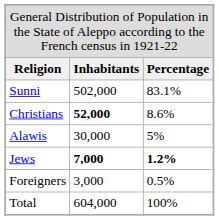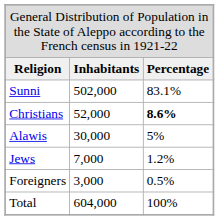 <table cellpadding="4" cellspacing="0" width=250 align="center" rules="all" style="margin: 1em; background: #ffffff; border: 2px solid #aaa; font-size: 100%;">
 <tr bgcolor=#DDDDDD>
 <td colspan=8 align="center">General Distribution of Population in the State of Aleppo according to the French census in 1921-22</td>
 </tr>
 <tr bgcolor=#f0f0f0 align="center">
 <th>Religion</th>
 <th>Inhabitants</th>
 <th>Percentage</th>
 </tr>
 <tr>
 <td><a href='#'>Sunni</a></td>
 <td>502,000</td>
 <td>83.1%</td>
 </tr>
 <tr>
 <td><a href='#'>Christians</a></td>
-<td><strong>52,000</strong></td>
-<td>8.6%</td>
+<td>52,000</td>
+<td><strong>8.6%</strong></td>
 </tr>
 <tr>
 <td><a href='#'>Alawis</a></td>
 <td>30,000</td>
 <td>5%</td>
 </tr>
 <tr>
 <td><a href='#'>Jews</a></td>
-<td><strong>7,000</strong></td>
-<td><strong>1.2%</strong></td>
+<td>7,000</td>
+<td>1.2%</td>
 </tr>
 <tr>
 <td>Foreigners</td>
 <td>3,000</td>
 <td>0.5%</td>
 </tr>
 <tr>
 <td>Total</td>
 <td>604,000</td>
 <td>100%</td>
 </tr>
 </table>
